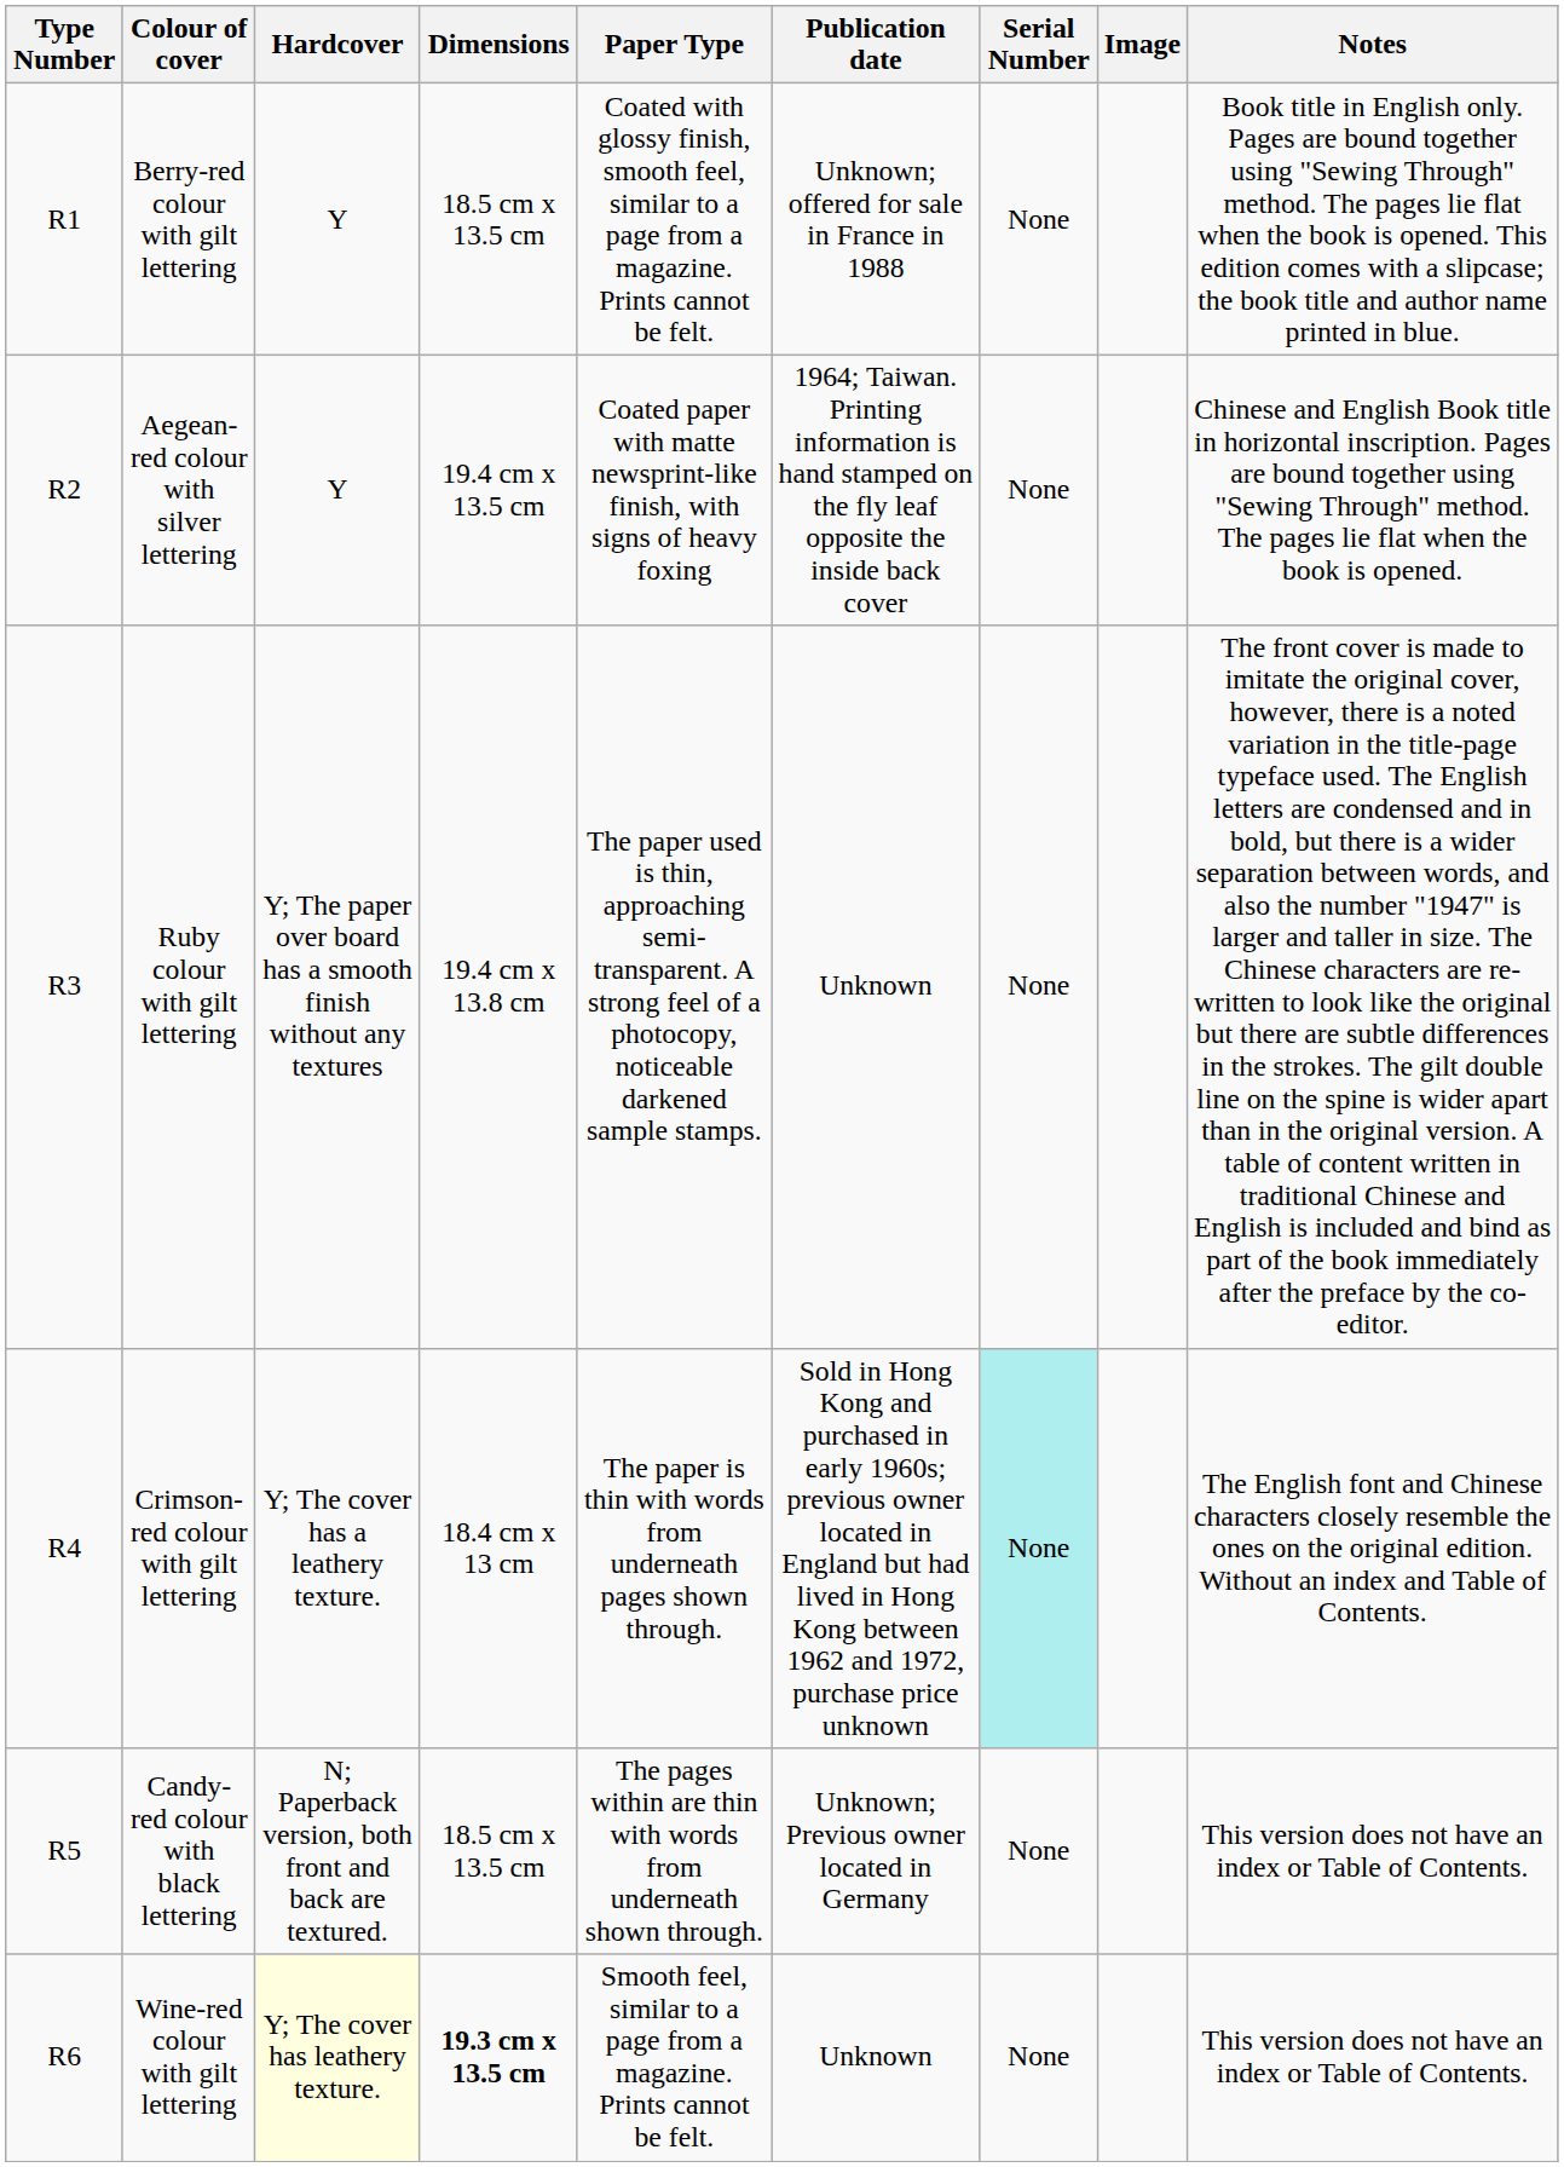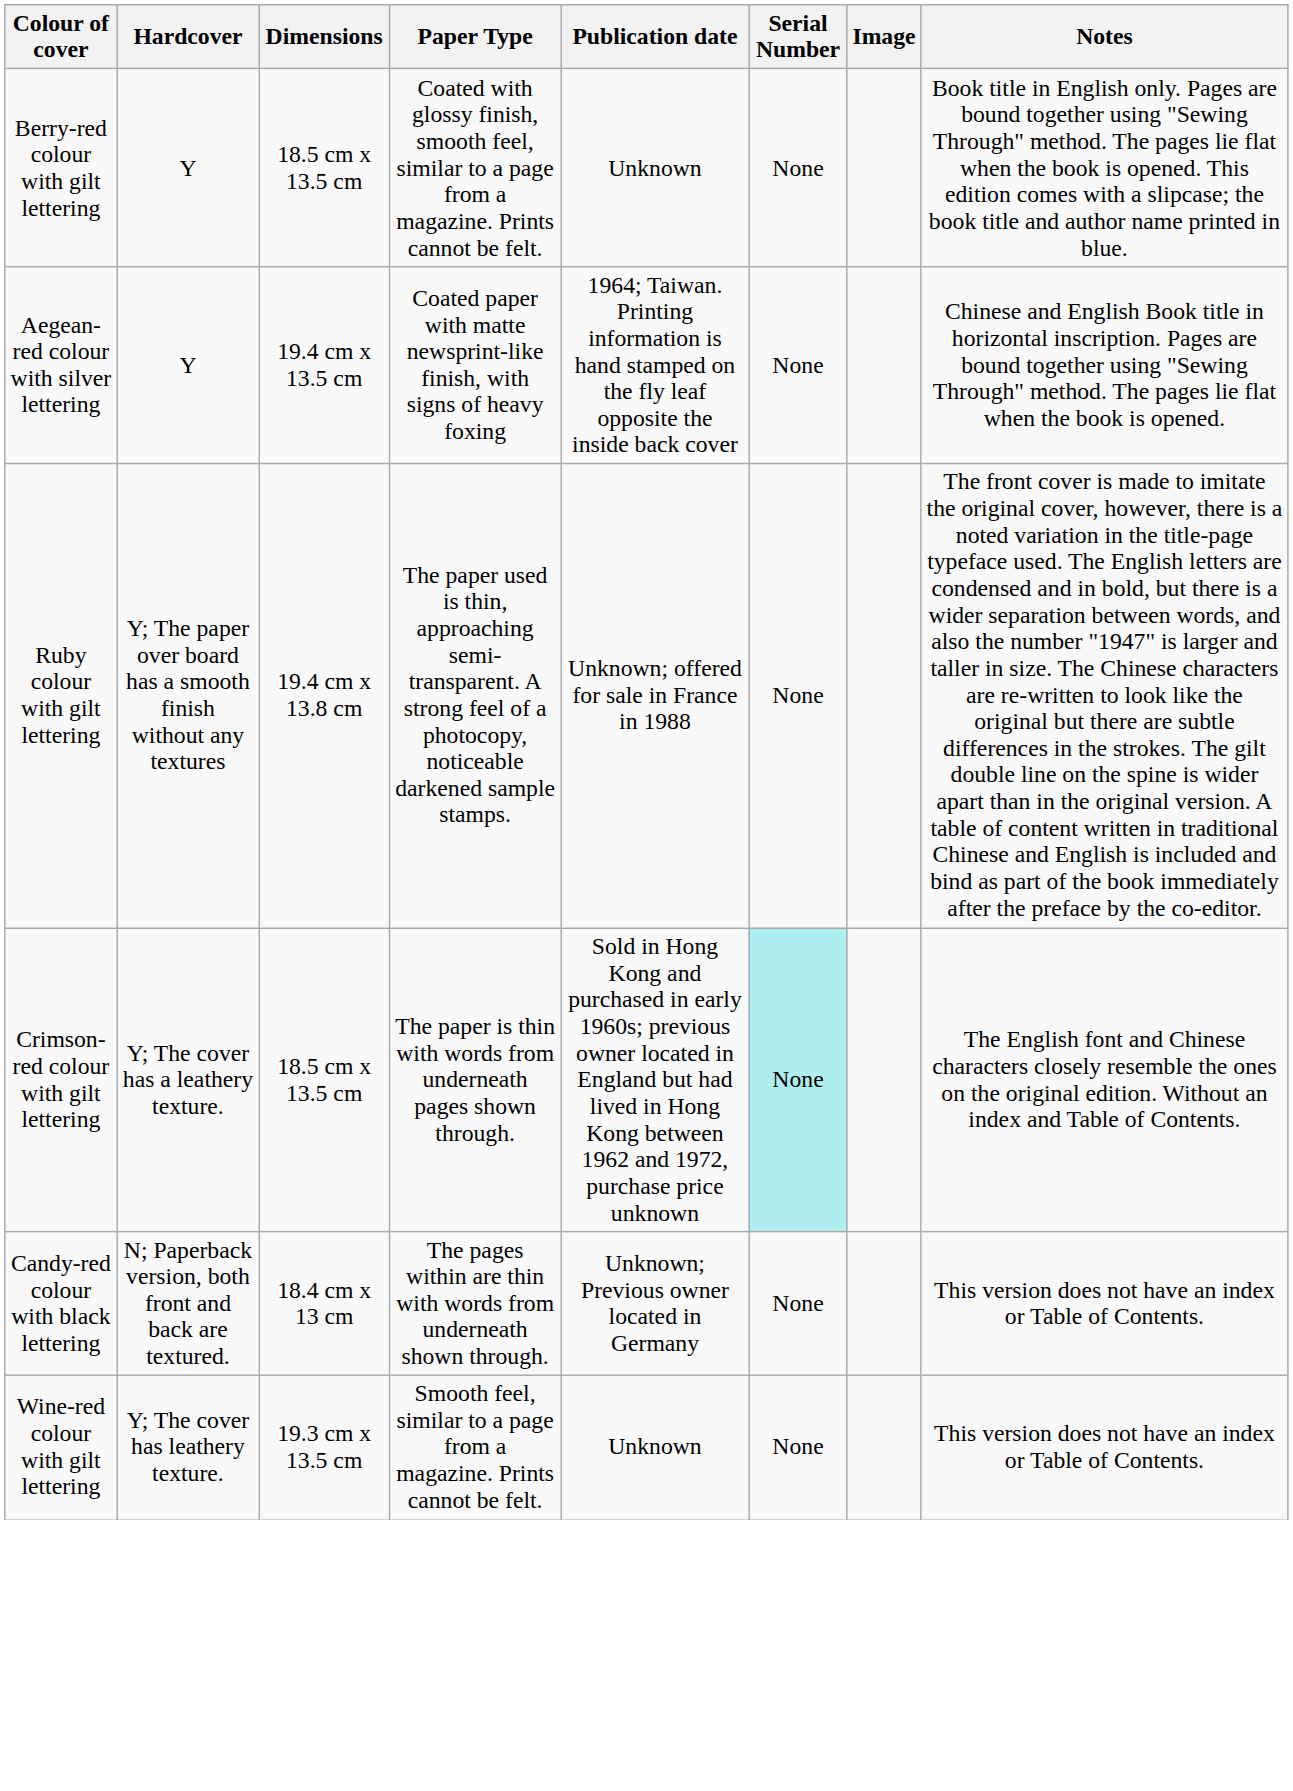 <table class="wikitable" style="text-align:center">
 <tr>
-<th>Type Number</th>
 <th>Colour of cover</th>
 <th>Hardcover</th>
 <th>Dimensions</th>
 <th>Paper Type</th>
 <th>Publication date</th>
 <th>Serial Number</th>
 <th>Image</th>
 <th>Notes</th>
 </tr>
 <tr>
-<td>R1</td>
 <td>Berry-red colour with gilt lettering</td>
 <td>Y</td>
 <td>18.5 cm x 13.5 cm</td>
 <td>Coated with glossy finish, smooth feel, similar to a page from a magazine. Prints cannot be felt.</td>
-<td>Unknown; offered for sale in France in 1988</td>
+<td>Unknown</td>
 <td>None</td>
 <td><br> </td>
 <td>Book title in English only. Pages are bound together using "Sewing Through" method. The pages lie flat when the book is opened. This edition comes with a slipcase; the book title and author name printed in blue.</td>
 </tr>
 <tr>
-<td>R2</td>
 <td>Aegean-red colour with silver lettering</td>
 <td>Y</td>
 <td>19.4 cm x 13.5 cm</td>
 <td>Coated paper with matte newsprint-like finish, with signs of heavy foxing</td>
 <td>1964; Taiwan. Printing information is hand stamped on the fly leaf opposite the inside back cover</td>
 <td>None</td>
 <td><br> </td>
 <td>Chinese and English Book title in horizontal inscription. Pages are bound together using "Sewing Through" method. The pages lie flat when the book is opened.</td>
 </tr>
 <tr>
-<td>R3</td>
 <td>Ruby colour with gilt lettering</td>
 <td>Y; The paper over board has a smooth finish without any textures</td>
 <td>19.4 cm x 13.8 cm</td>
 <td>The paper used is thin, approaching semi-transparent. A strong feel of a photocopy, noticeable darkened sample stamps.</td>
-<td>Unknown</td>
+<td>Unknown; offered for sale in France in 1988</td>
 <td>None</td>
 <td></td>
 <td>The front cover is made to imitate the original cover, however, there is a noted variation in the title-page typeface used. The English letters are condensed and in bold, but there is a wider separation between words, and also the number "1947" is larger and taller in size. The Chinese characters are re-written to look like the original but there are subtle differences in the strokes. The gilt double line on the spine is wider apart than in the original version. A table of content written in traditional Chinese and English is included and bind as part of the book immediately after the preface by the co-editor.</td>
 </tr>
 <tr>
-<td>R4</td>
 <td>Crimson-red colour with gilt lettering</td>
 <td>Y; The cover has a leathery texture.</td>
-<td>18.4 cm x 13 cm</td>
+<td>18.5 cm x 13.5 cm</td>
 <td>The paper is thin with words from underneath pages shown through.</td>
 <td>Sold in Hong Kong and purchased in early 1960s; previous owner located in England but had lived in Hong Kong between 1962 and 1972, purchase price unknown</td>
 <td style="background: paleturquoise;">None</td>
 <td></td>
 <td>The English font and Chinese characters closely resemble the ones on the original edition. Without an index and Table of Contents.</td>
 </tr>
 <tr>
-<td>R5</td>
 <td>Candy-red colour with black lettering</td>
 <td>N; Paperback version, both front and back are textured.</td>
-<td>18.5 cm x 13.5 cm</td>
+<td>18.4 cm x 13 cm</td>
 <td>The pages within are thin with words from underneath shown through.</td>
 <td>Unknown; Previous owner located in Germany</td>
 <td>None</td>
 <td></td>
 <td>This version does not have an index or Table of Contents.</td>
 </tr>
 <tr>
-<td>R6</td>
 <td>Wine-red colour with gilt lettering</td>
-<td style="background: lightyellow;">Y; The cover has leathery texture.</td>
-<td><strong>19.3 cm x 13.5 cm</strong></td>
+<td>Y; The cover has leathery texture.</td>
+<td>19.3 cm x 13.5 cm</td>
 <td>Smooth feel, similar to a page from a magazine. Prints cannot be felt.</td>
 <td>Unknown</td>
 <td>None</td>
 <td></td>
 <td>This version does not have an index or Table of Contents.</td>
 </tr>
 </table>
